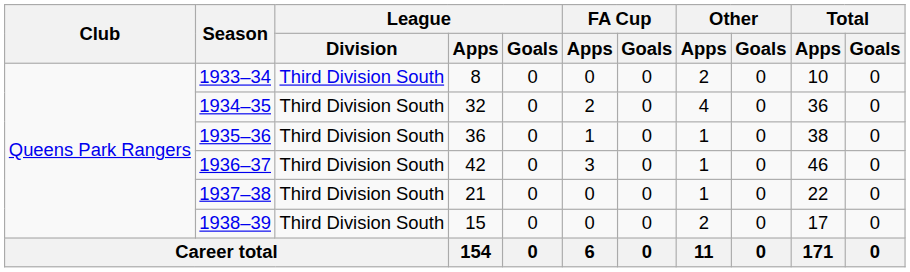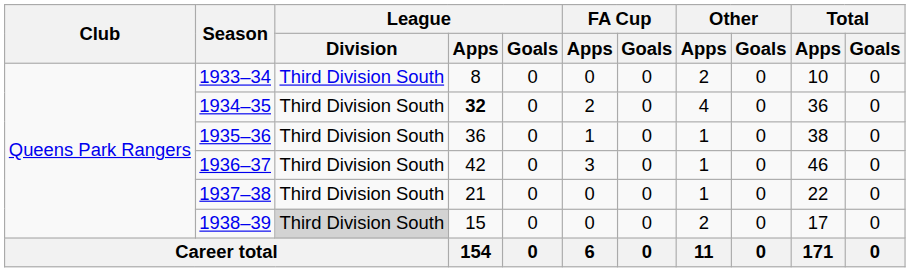 <table class="wikitable" style="text-align: center;">
 <tr>
 <th rowspan="2">Club</th>
 <th rowspan="2">Season</th>
 <th colspan="3">League</th>
 <th colspan="2">FA Cup</th>
 <th colspan="2">Other</th>
 <th colspan="2">Total</th>
 </tr>
 <tr>
 <th>Division</th>
 <th>Apps</th>
 <th>Goals</th>
 <th>Apps</th>
 <th>Goals</th>
 <th>Apps</th>
 <th>Goals</th>
 <th>Apps</th>
 <th>Goals</th>
 </tr>
 <tr>
 <td rowspan="6"><a href='#'>Queens Park Rangers</a></td>
 <td><a href='#'>1933–34</a></td>
 <td><a href='#'>Third Division South</a></td>
 <td>8</td>
 <td>0</td>
 <td>0</td>
 <td>0</td>
 <td>2</td>
 <td>0</td>
 <td>10</td>
 <td>0</td>
 </tr>
 <tr>
 <td><a href='#'>1934–35</a></td>
 <td>Third Division South</td>
-<td>32</td>
+<td><strong>32</strong></td>
 <td>0</td>
 <td>2</td>
 <td>0</td>
 <td>4</td>
 <td>0</td>
 <td>36</td>
 <td>0</td>
 </tr>
 <tr>
 <td><a href='#'>1935–36</a></td>
 <td>Third Division South</td>
 <td>36</td>
 <td>0</td>
 <td>1</td>
 <td>0</td>
 <td>1</td>
 <td>0</td>
 <td>38</td>
 <td>0</td>
 </tr>
 <tr>
 <td><a href='#'>1936–37</a></td>
 <td>Third Division South</td>
 <td>42</td>
 <td>0</td>
 <td>3</td>
 <td>0</td>
 <td>1</td>
 <td>0</td>
 <td>46</td>
 <td>0</td>
 </tr>
 <tr>
 <td><a href='#'>1937–38</a></td>
 <td>Third Division South</td>
 <td>21</td>
 <td>0</td>
 <td>0</td>
 <td>0</td>
 <td>1</td>
 <td>0</td>
 <td>22</td>
 <td>0</td>
 </tr>
 <tr>
 <td><a href='#'>1938–39</a></td>
-<td>Third Division South</td>
+<td style="background: lightgrey;">Third Division South</td>
 <td>15</td>
 <td>0</td>
 <td>0</td>
 <td>0</td>
 <td>2</td>
 <td>0</td>
 <td>17</td>
 <td>0</td>
 </tr>
 <tr>
 <th colspan="3">Career total</th>
 <th>154</th>
 <th>0</th>
 <th>6</th>
 <th>0</th>
 <th>11</th>
 <th>0</th>
 <th>171</th>
 <th>0</th>
 </tr>
 </table>
